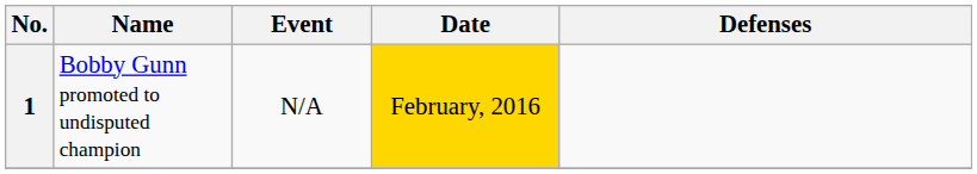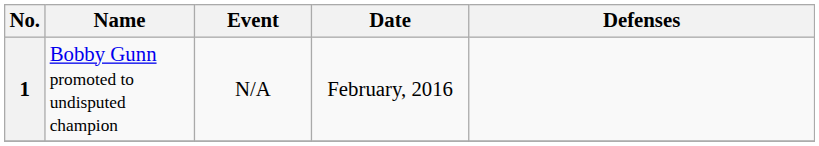 <table class="wikitable" width=100%>
 <tr>
 <th width=1%>No.</th>
 <th width=19%>Name</th>
 <th width=15%>Event</th>
 <th width=20%>Date</th>
 <th width=45%>Defenses</th>
 </tr>
 <tr>
 <th>1</th>
 <td align=left> <a href='#'>Bobby Gunn</a> <br><small>promoted to undisputed champion</small></td>
 <td align=center>N/A</td>
-<td align=center style="background: gold;">February, 2016</td>
+<td align=center>February, 2016</td>
 <td></td>
 </tr>
 <tr>
 </tr>
 </table>
